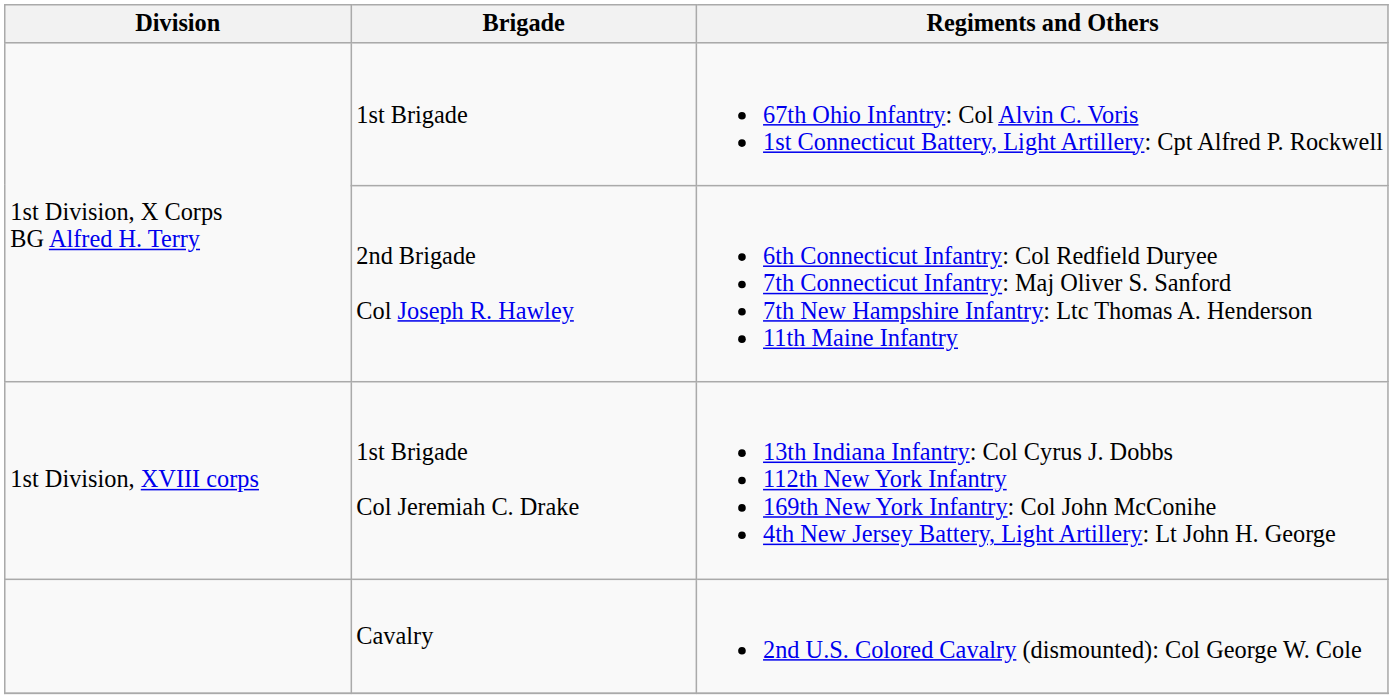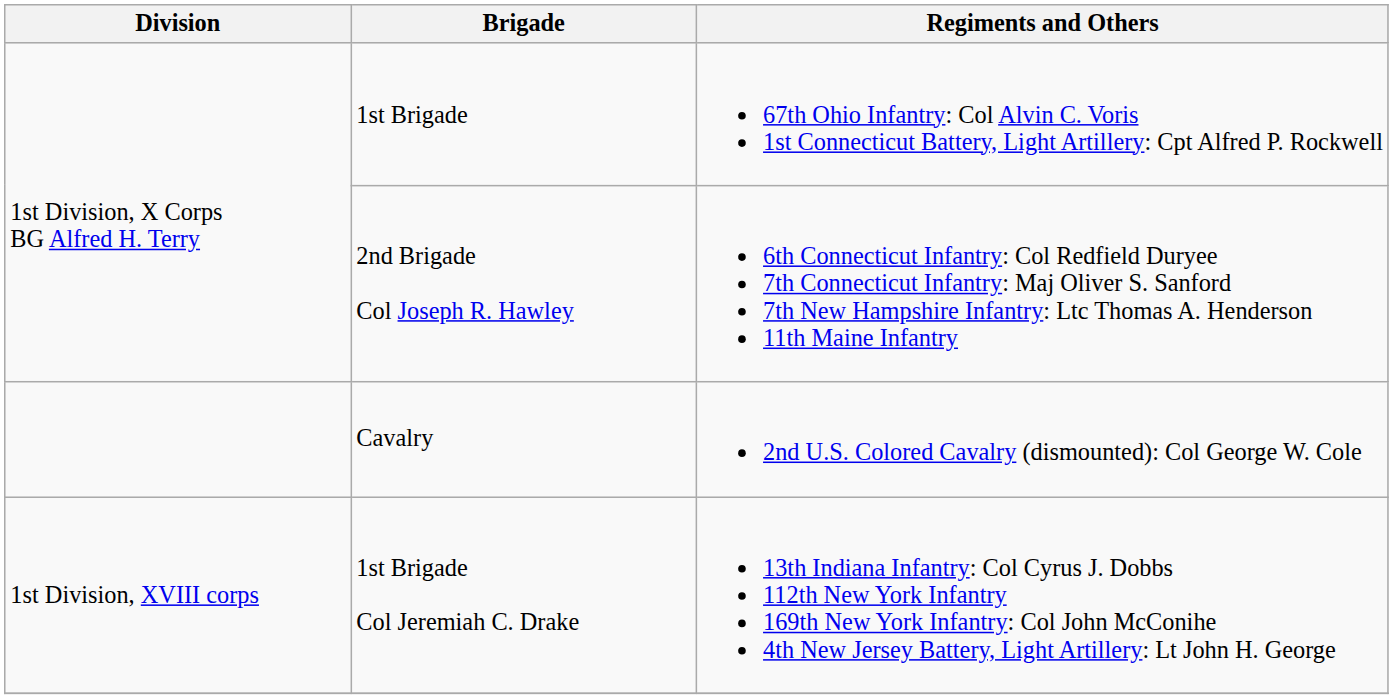 <table class="wikitable">
 <tr>
 <th width=25%>Division</th>
 <th width=25%>Brigade</th>
 <th>Regiments and Others</th>
 </tr>
 <tr>
 <td rowspan=2><br>1st Division, X Corps<br> BG <a href='#'>Alfred H. Terry</a></td>
 <td>1st Brigade</td>
 <td><br><ul><li><a href='#'>67th Ohio Infantry</a>: Col <a href='#'>Alvin C. Voris</a></li><li><a href='#'>1st Connecticut Battery, Light Artillery</a>: Cpt Alfred P. Rockwell</li></ul></td>
 </tr>
 <tr>
 <td>2nd Brigade<br><br>Col <a href='#'>Joseph R. Hawley</a></td>
 <td><br><ul><li><a href='#'>6th Connecticut Infantry</a>: Col Redfield Duryee</li><li><a href='#'>7th Connecticut Infantry</a>: Maj Oliver S. Sanford</li><li><a href='#'>7th New Hampshire Infantry</a>: Ltc Thomas A. Henderson</li><li><a href='#'>11th Maine Infantry</a></li></ul></td>
 </tr>
 <tr>
+<td></td>
+<td>Cavalry</td>
+<td><br><ul><li><a href='#'>2nd U.S. Colored Cavalry</a> (dismounted): Col George W. Cole</li></ul></td>
+</tr>
+<tr>
 <td>1st Division, <a href='#'>XVIII corps</a></td>
 <td>1st Brigade<br><br>Col Jeremiah C. Drake</td>
 <td><br><ul><li><a href='#'>13th Indiana Infantry</a>: Col Cyrus J. Dobbs</li><li><a href='#'>112th New York Infantry</a></li><li><a href='#'>169th New York Infantry</a>: Col John McConihe</li><li><a href='#'>4th New Jersey Battery, Light Artillery</a>: Lt John H. George</li></ul></td>
 </tr>
 <tr>
-<td></td>
-<td>Cavalry</td>
-<td><br><ul><li><a href='#'>2nd U.S. Colored Cavalry</a> (dismounted): Col George W. Cole</li></ul></td>
-</tr>
-<tr>
 </tr>
 </table>
